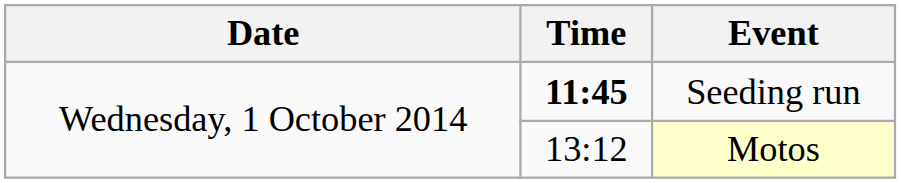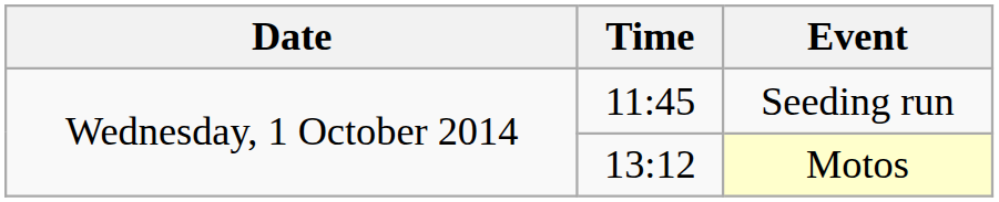 <table class = "wikitable" style="text-align:center;">
 <tr>
 <th width=220>Date</th>
 <th width=50>Time</th>
 <th width=100>Event</th>
 </tr>
 <tr>
 <td rowspan=2>Wednesday, 1 October 2014</td>
-<td><strong>11:45</strong></td>
+<td>11:45</td>
 <td>Seeding run</td>
 </tr>
 <tr>
 <td>13:12</td>
 <td bgcolor=ffffcc>Motos</td>
 </tr>
 </table>
